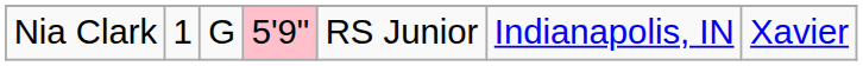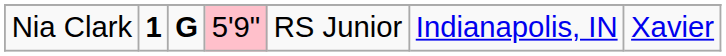 <table class="wikitable sortable" style="text-align: center">
 <tr align=center>
 </tr>
 <tr>
 <td>Nia Clark</td>
-<td>1</td>
-<td>G</td>
+<td><strong>1</strong></td>
+<td><strong>G</strong></td>
 <td style="background: pink;">5'9"</td>
 <td>RS Junior</td>
 <td><a href='#'>Indianapolis, IN</a></td>
 <td><a href='#'>Xavier</a></td>
 </tr>
 </table>
